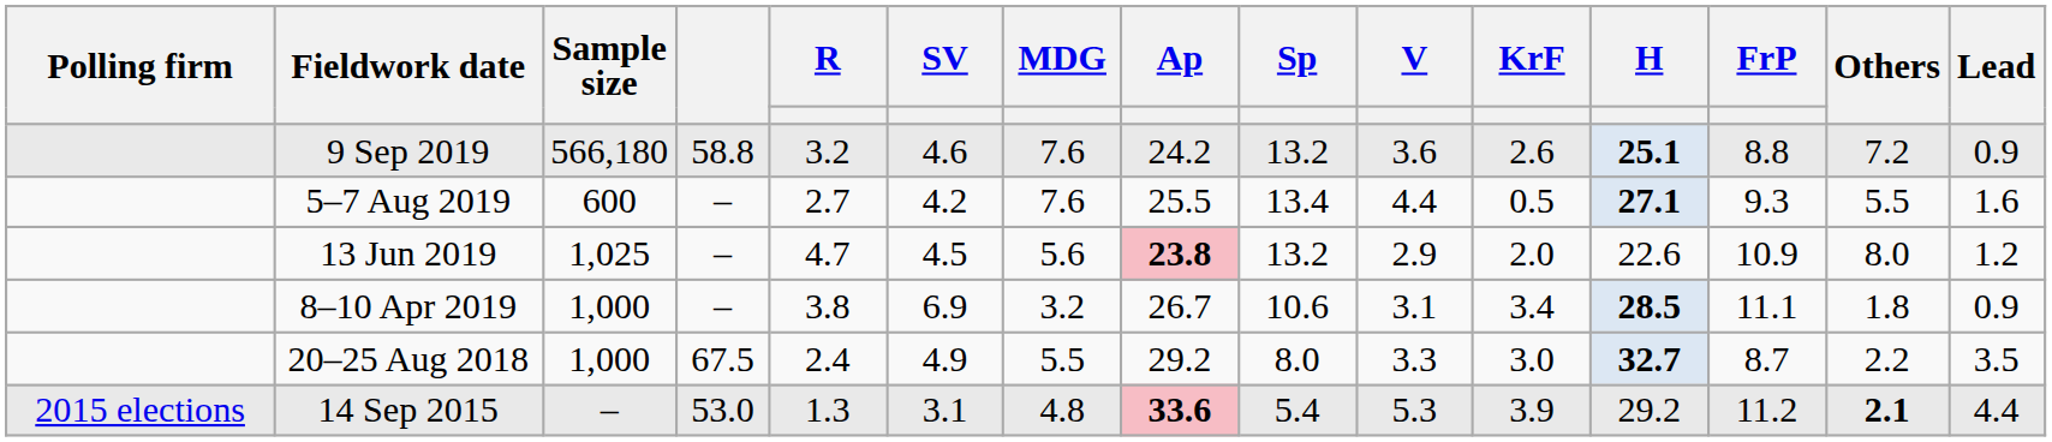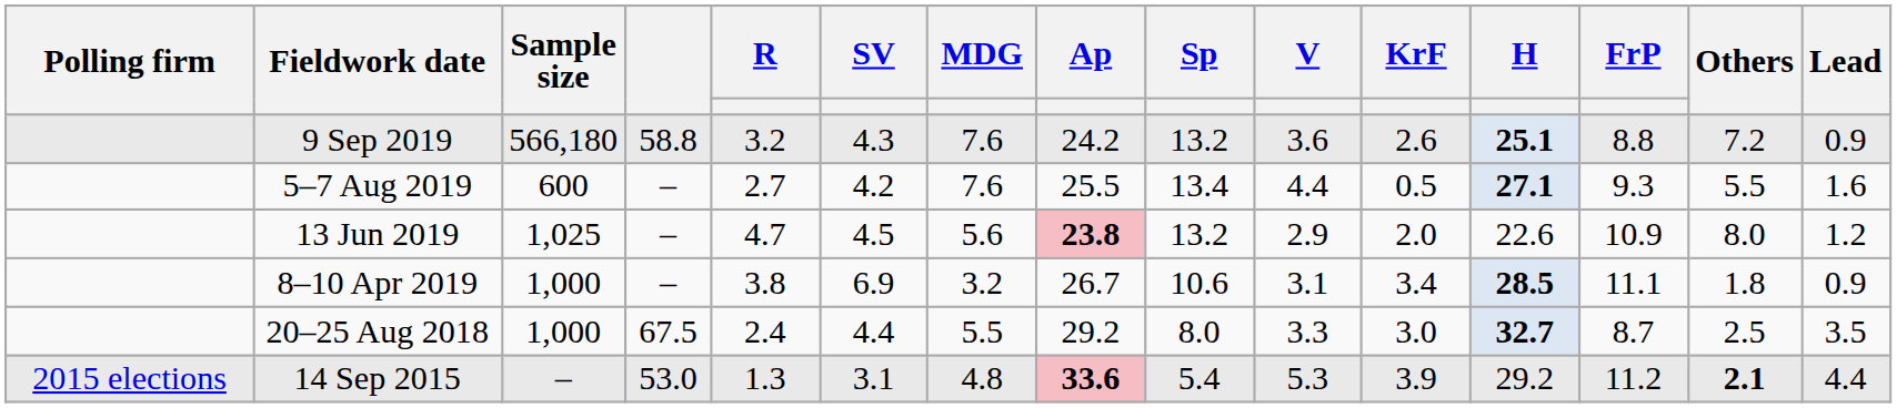 <table class="wikitable sortable" style="text-align:center;font-size:90%;line-height:14px;">
 <tr style="height:40px;">
 <th style="width:100px;" rowspan="2">Polling firm</th>
 <th style="width:100px;" rowspan="2">Fieldwork date</th>
 <th style="width:35px;" rowspan="2">Sample<br>size</th>
 <th style="width:30px;" rowspan="2"></th>
 <th class="unsortable" style="width:40px;"><a href='#'>R</a></th>
 <th class="unsortable" style="width:40px;"><a href='#'>SV</a></th>
 <th class="unsortable" style="width:40px;"><a href='#'>MDG</a></th>
 <th class="unsortable" style="width:40px;"><a href='#'>Ap</a></th>
 <th class="unsortable" style="width:40px;"><a href='#'>Sp</a></th>
 <th class="unsortable" style="width:40px;"><a href='#'>V</a></th>
 <th class="unsortable" style="width:40px;"><a href='#'>KrF</a></th>
 <th class="unsortable" style="width:40px;"><a href='#'>H</a></th>
 <th class="unsortable" style="width:40px;"><a href='#'>FrP</a></th>
 <th class="unsortable" style="width:30px;" rowspan="2">Others</th>
 <th style="width:30px;" rowspan="2">Lead</th>
 </tr>
 <tr>
 <th style="background:"></th>
 <th style="background:"></th>
 <th style="background:"></th>
 <th style="background:"></th>
 <th style="background:"></th>
 <th style="background:"></th>
 <th style="background:"></th>
 <th style="background:"></th>
 <th style="background:"></th>
 </tr>
 <tr style="background:#E9E9E9;">
 <td></td>
 <td data-sort-value="2019-09-09">9 Sep 2019</td>
 <td>566,180</td>
 <td>58.8</td>
 <td>3.2</td>
-<td>4.6</td>
+<td>4.3</td>
 <td>7.6</td>
 <td>24.2</td>
 <td>13.2</td>
 <td>3.6</td>
 <td>2.6</td>
 <td style="background:#DCE7F3;"><strong>25.1</strong></td>
 <td>8.8</td>
 <td>7.2</td>
 <td style="background:">0.9</td>
 </tr>
 <tr>
 <td></td>
 <td data-sort-value="2019-08-09">5–7 Aug 2019</td>
 <td>600</td>
 <td>–</td>
 <td>2.7</td>
 <td>4.2</td>
 <td>7.6</td>
 <td>25.5</td>
 <td>13.4</td>
 <td>4.4</td>
 <td>0.5</td>
 <td style="background:#DCE7F3;"><strong>27.1</strong></td>
 <td>9.3</td>
 <td>5.5</td>
 <td style="background:">1.6</td>
 </tr>
 <tr>
 <td></td>
 <td data-sort-value="2019-06-13">13 Jun 2019</td>
 <td>1,025</td>
 <td>–</td>
 <td>4.7</td>
 <td>4.5</td>
 <td>5.6</td>
 <td style="background:#F7BDC5;"><strong>23.8</strong></td>
 <td>13.2</td>
 <td>2.9</td>
 <td>2.0</td>
 <td>22.6</td>
 <td>10.9</td>
 <td>8.0</td>
 <td style="background:">1.2</td>
 </tr>
 <tr>
 <td></td>
 <td data-sort-value="2019-04-10">8–10 Apr 2019</td>
 <td>1,000</td>
 <td>–</td>
 <td>3.8</td>
 <td>6.9</td>
 <td>3.2</td>
 <td>26.7</td>
 <td>10.6</td>
 <td>3.1</td>
 <td>3.4</td>
 <td style="background:#DCE7F3;"><strong>28.5</strong></td>
 <td>11.1</td>
 <td>1.8</td>
 <td style="background:">0.9</td>
 </tr>
 <tr>
 <td></td>
 <td data-sort-value="2018-08-25">20–25 Aug 2018</td>
 <td>1,000</td>
 <td>67.5</td>
 <td>2.4</td>
-<td>4.9</td>
+<td>4.4</td>
 <td>5.5</td>
 <td>29.2</td>
 <td>8.0</td>
 <td>3.3</td>
 <td>3.0</td>
 <td style="background:#DCE7F3;"><strong>32.7</strong></td>
 <td>8.7</td>
-<td>2.2</td>
+<td>2.5</td>
 <td style="background:">3.5</td>
 </tr>
 <tr style="background:#E9E9E9;">
 <td><a href='#'>2015 elections</a></td>
 <td data-sort-value="2015-09-14">14 Sep 2015</td>
 <td>–</td>
 <td>53.0</td>
 <td>1.3</td>
 <td>3.1</td>
 <td>4.8</td>
 <td style="background:#F7BDC5;"><strong>33.6</strong></td>
 <td>5.4</td>
 <td>5.3</td>
 <td>3.9</td>
 <td>29.2</td>
 <td>11.2</td>
 <td><strong>2.1</strong></td>
 <td style="background:">4.4</td>
 </tr>
 </table>
